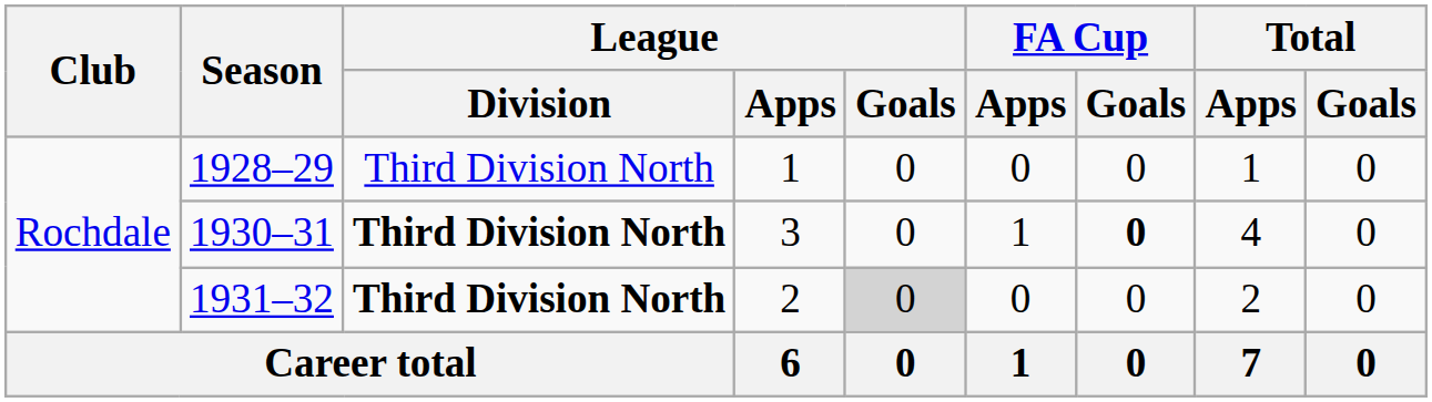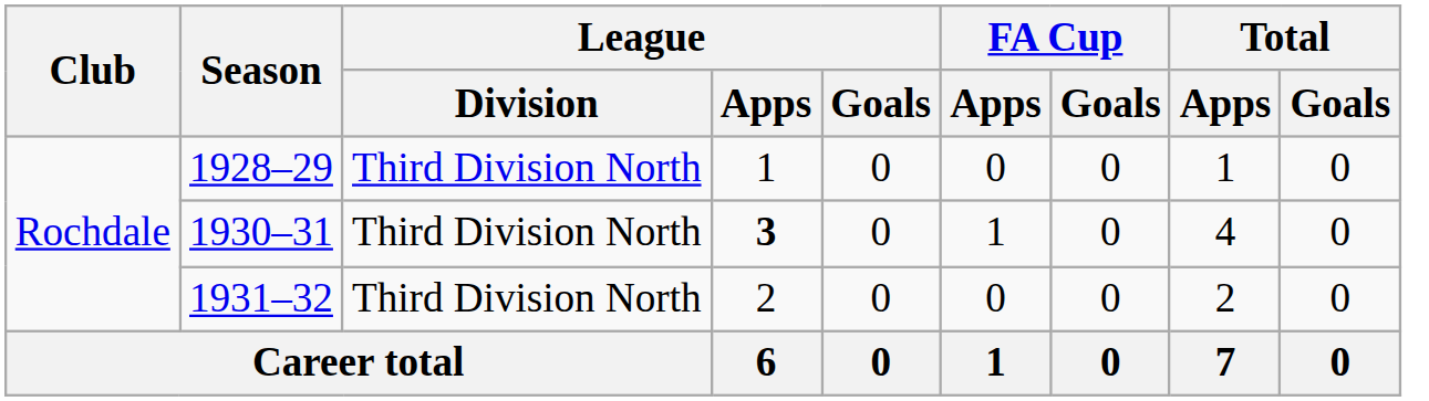 <table class="wikitable" style="text-align:center">
 <tr>
 <th rowspan="2">Club</th>
 <th rowspan="2">Season</th>
 <th colspan="3">League</th>
 <th colspan="2"><a href='#'>FA Cup</a></th>
 <th colspan="2">Total</th>
 </tr>
 <tr>
 <th>Division</th>
 <th>Apps</th>
 <th>Goals</th>
 <th>Apps</th>
 <th>Goals</th>
 <th>Apps</th>
 <th>Goals</th>
 </tr>
 <tr>
 <td rowspan="3"><a href='#'>Rochdale</a></td>
 <td><a href='#'>1928–29</a></td>
 <td><a href='#'>Third Division North</a></td>
 <td>1</td>
 <td>0</td>
 <td>0</td>
 <td>0</td>
 <td>1</td>
 <td>0</td>
 </tr>
 <tr>
 <td><a href='#'>1930–31</a></td>
-<td><strong>Third Division North</strong></td>
-<td>3</td>
+<td>Third Division North</td>
+<td><strong>3</strong></td>
 <td>0</td>
 <td>1</td>
-<td><strong>0</strong></td>
+<td>0</td>
 <td>4</td>
 <td>0</td>
 </tr>
 <tr>
 <td><a href='#'>1931–32</a></td>
-<td><strong>Third Division North</strong></td>
+<td>Third Division North</td>
 <td>2</td>
-<td style="background: lightgrey;">0</td>
+<td>0</td>
 <td>0</td>
 <td>0</td>
 <td>2</td>
 <td>0</td>
 </tr>
 <tr>
 <th colspan="3">Career total</th>
 <th>6</th>
 <th>0</th>
 <th>1</th>
 <th>0</th>
 <th>7</th>
 <th>0</th>
 </tr>
 </table>
